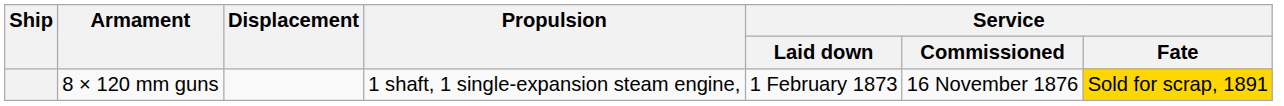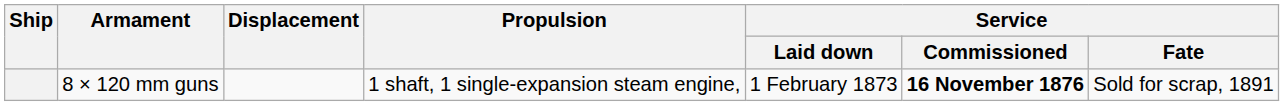 <table class="wikitable plainrowheaders" style="text-align: center;">
 <tr valign="top">
 <th scope="col" rowspan="2">Ship</th>
 <th scope="col" rowspan="2">Armament</th>
 <th scope="col" rowspan="2">Displacement</th>
 <th scope="col" rowspan="2">Propulsion</th>
 <th scope="col" colspan="3">Service</th>
 </tr>
 <tr valign="top">
 <th scope="col">Laid down</th>
 <th scope="col">Commissioned</th>
 <th scope="col">Fate</th>
 </tr>
 <tr valign="center">
 <th scope="row"></th>
 <td>8 × 120 mm guns</td>
 <td></td>
 <td>1 shaft, 1 single-expansion steam engine, </td>
 <td>1 February 1873</td>
-<td>16 November 1876</td>
-<td style="background: gold;">Sold for scrap, 1891</td>
+<td><strong>16 November 1876</strong></td>
+<td>Sold for scrap, 1891</td>
 </tr>
 </table>
